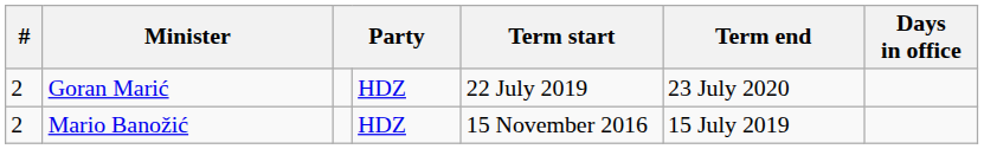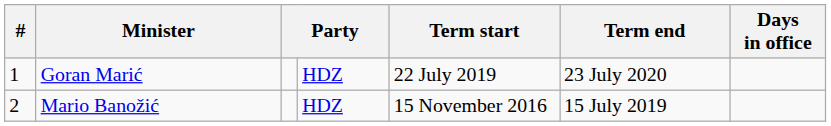 <table class="wikitable" style="text-align: left;">
 <tr>
 <th align=center width="18">#</th>
 <th width="190">Minister</th>
 <th colspan=2 width="80">Party</th>
 <th width="130">Term start</th>
 <th width="130">Term end</th>
 <th width=70>Days<br> in office</th>
 </tr>
 <tr>
-<td>2</td>
+<td>1</td>
 <td><a href='#'>Goran Marić</a></td>
 <td style="background-color: "></td>
 <td><a href='#'>HDZ</a></td>
 <td>22 July 2019</td>
 <td>23 July 2020</td>
 <td align=right></td>
 </tr>
 <tr>
 <td>2</td>
 <td><a href='#'>Mario Banožić</a></td>
 <td style="background-color: "></td>
 <td><a href='#'>HDZ</a></td>
 <td>15 November 2016</td>
 <td>15 July 2019</td>
 <td align=right></td>
 </tr>
 </table>
